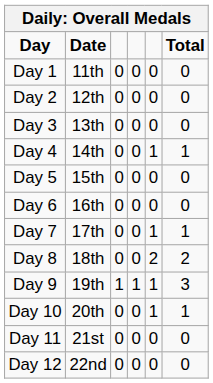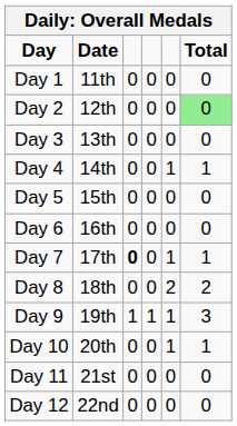 <table class="wikitable" style="font-size:100%" align="left">
 <tr bgcolor="#efefef">
 <th colspan=10><strong>Daily: Overall Medals</strong></th>
 </tr>
 <tr style="text-align:center;">
 <td><strong>Day</strong></td>
 <td><strong>Date</strong></td>
 <td></td>
 <td></td>
 <td></td>
 <td><strong>Total</strong></td>
 </tr>
 <tr style="text-align:center;">
 <td>Day 1</td>
 <td>11th</td>
 <td>0</td>
 <td>0</td>
 <td>0</td>
 <td>0</td>
 </tr>
 <tr style="text-align:center;">
 <td>Day 2</td>
 <td>12th</td>
 <td>0</td>
 <td>0</td>
 <td>0</td>
-<td>0</td>
+<td style="background: lightgreen;">0</td>
 </tr>
 <tr style="text-align:center;">
 <td>Day 3</td>
 <td>13th</td>
 <td>0</td>
 <td>0</td>
 <td>0</td>
 <td>0</td>
 </tr>
 <tr style="text-align:center;">
 <td>Day 4</td>
 <td>14th</td>
 <td>0</td>
 <td>0</td>
 <td>1</td>
 <td>1</td>
 </tr>
 <tr style="text-align:center;">
 <td>Day 5</td>
 <td>15th</td>
 <td>0</td>
 <td>0</td>
 <td>0</td>
 <td>0</td>
 </tr>
 <tr style="text-align:center;">
 <td>Day 6</td>
 <td>16th</td>
 <td>0</td>
 <td>0</td>
 <td>0</td>
 <td>0</td>
 </tr>
 <tr style="text-align:center;">
 <td>Day 7</td>
 <td>17th</td>
-<td>0</td>
+<td><strong>0</strong></td>
 <td>0</td>
 <td>1</td>
 <td>1</td>
 </tr>
 <tr style="text-align:center;">
 <td>Day 8</td>
 <td>18th</td>
 <td>0</td>
 <td>0</td>
 <td>2</td>
 <td>2</td>
 </tr>
 <tr style="text-align:center;">
 <td>Day 9</td>
 <td>19th</td>
 <td>1</td>
 <td>1</td>
 <td>1</td>
 <td>3</td>
 </tr>
 <tr style="text-align:center;">
 <td>Day 10</td>
 <td>20th</td>
 <td>0</td>
 <td>0</td>
 <td>1</td>
 <td>1</td>
 </tr>
 <tr style="text-align:center;">
 <td>Day 11</td>
 <td>21st</td>
 <td>0</td>
 <td>0</td>
 <td>0</td>
 <td>0</td>
 </tr>
 <tr style="text-align:center;">
 <td>Day 12</td>
 <td>22nd</td>
 <td>0</td>
 <td>0</td>
 <td>0</td>
 <td>0</td>
 </tr>
 </table>
